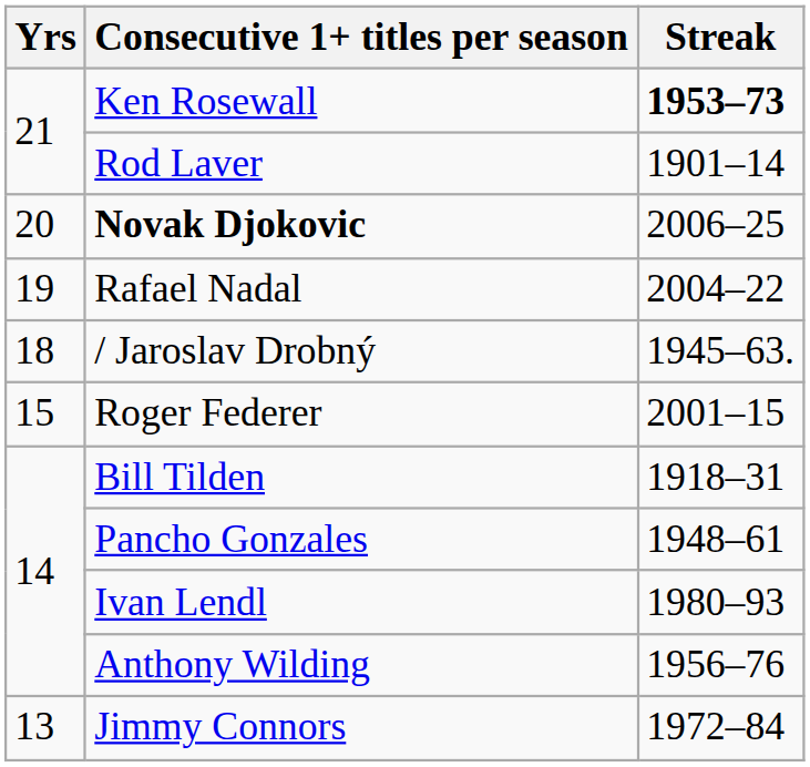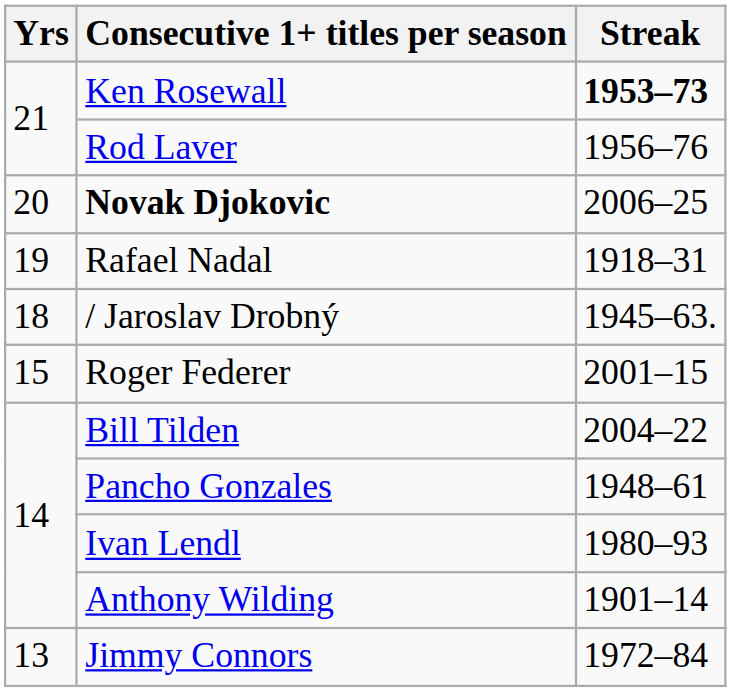 <table class=wikitable style="display:inline-table;">
 <tr>
 <th>Yrs</th>
 <th>Consecutive 1+ titles per season</th>
 <th>Streak</th>
 </tr>
 <tr>
 <td rowspan="2">21</td>
 <td> <a href='#'>Ken Rosewall</a></td>
 <td><strong>1953–73</strong></td>
 </tr>
 <tr>
 <td> <a href='#'>Rod Laver</a></td>
-<td>1901–14</td>
+<td>1956–76</td>
 </tr>
 <tr>
 <td>20</td>
 <td> <strong>Novak Djokovic</strong></td>
 <td>2006–25</td>
 </tr>
 <tr>
 <td>19</td>
 <td> Rafael Nadal</td>
-<td>2004–22</td>
+<td>1918–31</td>
 </tr>
 <tr>
 <td>18</td>
 <td>/ Jaroslav Drobný</td>
 <td>1945–63.</td>
 </tr>
 <tr>
 <td>15</td>
 <td> Roger Federer</td>
 <td>2001–15</td>
 </tr>
 <tr>
 <td rowspan="4">14</td>
 <td> <a href='#'>Bill Tilden</a></td>
-<td>1918–31</td>
+<td>2004–22</td>
 </tr>
 <tr>
 <td> <a href='#'>Pancho Gonzales</a></td>
 <td>1948–61</td>
 </tr>
 <tr>
 <td> <a href='#'>Ivan Lendl</a></td>
 <td>1980–93</td>
 </tr>
 <tr>
 <td> <a href='#'>Anthony Wilding</a></td>
-<td>1956–76</td>
+<td>1901–14</td>
 </tr>
 <tr>
 <td>13</td>
 <td> <a href='#'>Jimmy Connors</a></td>
 <td>1972–84</td>
 </tr>
 </table>
